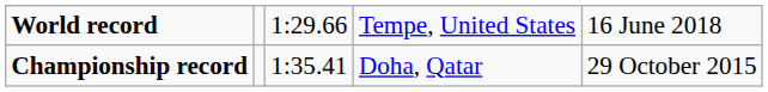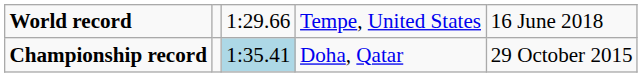 <table class="wikitable">
 <tr>
 <td><strong>World record</strong></td>
 <td></td>
 <td>1:29.66</td>
 <td><a href='#'>Tempe</a>, <a href='#'>United States</a></td>
 <td>16 June 2018</td>
 </tr>
 <tr>
 <td><strong>Championship record</strong></td>
 <td></td>
-<td>1:35.41</td>
+<td style="background: lightblue;">1:35.41</td>
 <td><a href='#'>Doha</a>, <a href='#'>Qatar</a></td>
 <td>29 October 2015</td>
 </tr>
 </table>
